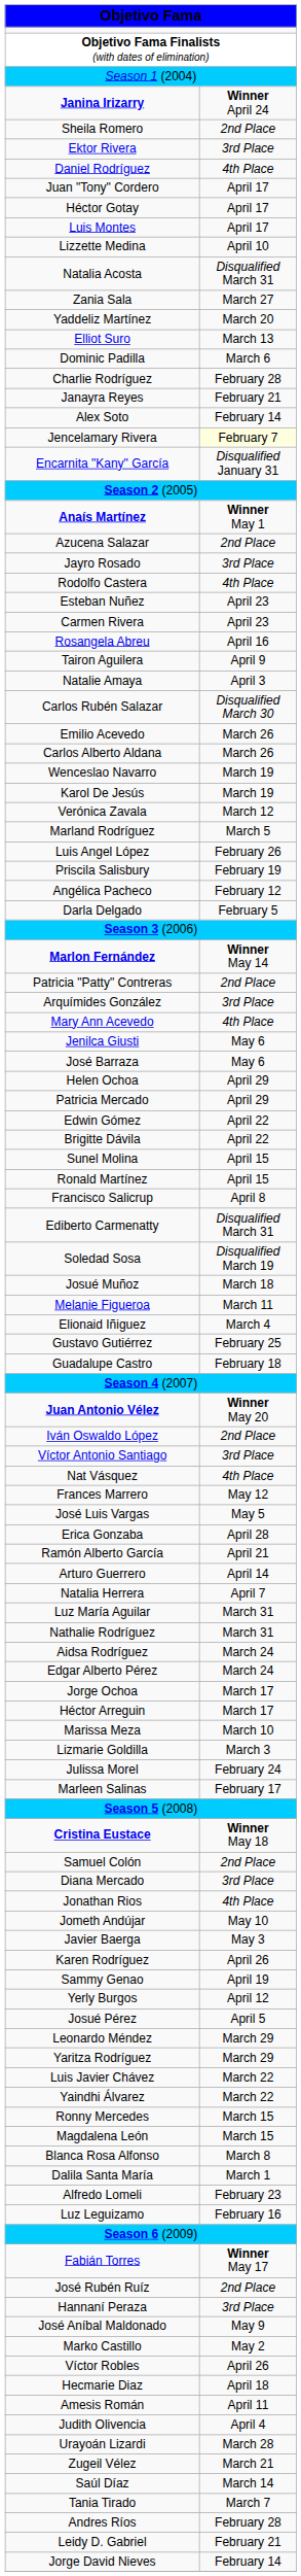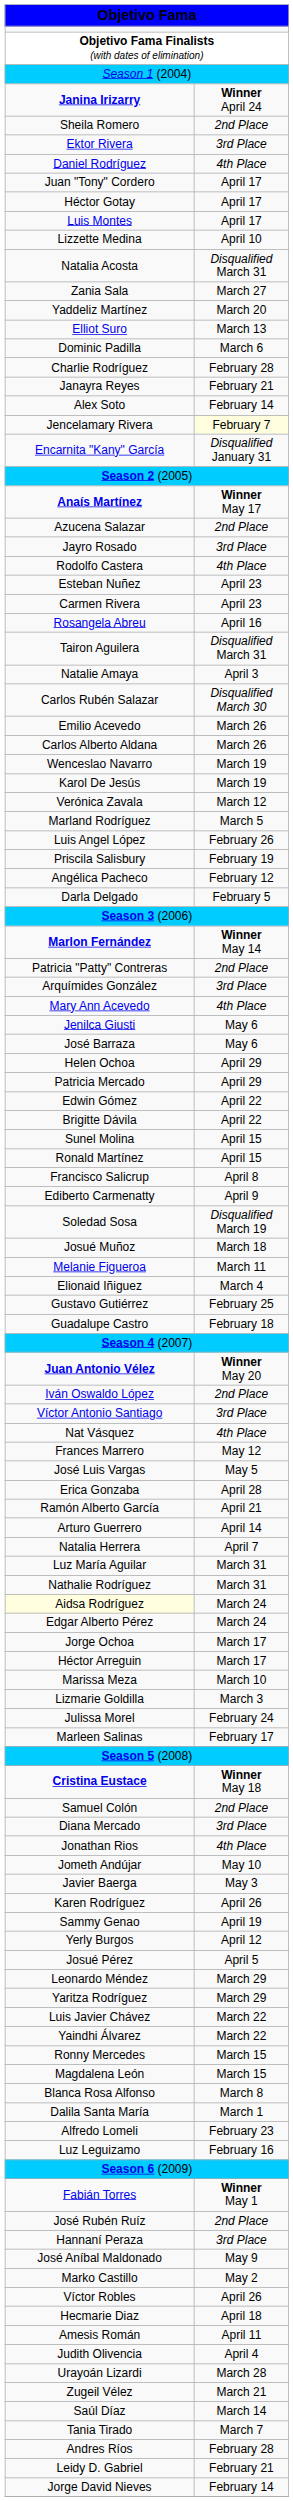 <table border="1" cellspacing="0" cellpadding="2" align="right" width="30%" style="margin-left:15px; text-align:center" class=wikitable>
 <tr>
 <td colspan="2" style="background:#0000FF; text-align:center;"><big><strong><span>Objetivo Fama</span></strong></big></td>
 </tr>
 <tr>
 <td colspan="2" align="center"></td>
 </tr>
 <tr>
 <td colspan="2" style="background:#FFFFFF; text-align:center;"><strong>Objetivo Fama Finalists</strong><br><small><em>(with dates of elimination)</em></small></td>
 </tr>
 <tr>
 <td colspan="2" style="background:#00CCFF; text-align:center;"><em><a href='#'>Season 1</a></em> (2004)</td>
 </tr>
 <tr>
 <td><strong><a href='#'>Janina Irizarry</a></strong></td>
 <td><strong>Winner</strong><br>April 24</td>
 </tr>
 <tr>
 <td>Sheila Romero</td>
 <td><em>2nd Place</em></td>
 </tr>
 <tr>
 <td><a href='#'>Ektor Rivera</a></td>
 <td><em>3rd Place</em></td>
 </tr>
 <tr>
 <td><a href='#'>Daniel Rodríguez</a></td>
 <td><em>4th Place</em></td>
 </tr>
 <tr>
 <td>Juan "Tony" Cordero</td>
 <td>April 17</td>
 </tr>
 <tr>
 <td>Héctor Gotay</td>
 <td>April 17</td>
 </tr>
 <tr>
 <td><a href='#'>Luis Montes</a></td>
 <td>April 17</td>
 </tr>
 <tr>
 <td>Lizzette Medina</td>
 <td>April 10</td>
 </tr>
 <tr>
 <td>Natalia Acosta</td>
 <td><em>Disqualified</em><br> March 31</td>
 </tr>
 <tr>
 <td>Zania Sala</td>
 <td>March 27</td>
 </tr>
 <tr>
 <td>Yaddeliz Martínez</td>
 <td>March 20</td>
 </tr>
 <tr>
 <td><a href='#'>Elliot Suro</a></td>
 <td>March 13</td>
 </tr>
 <tr>
 <td>Dominic Padilla</td>
 <td>March 6</td>
 </tr>
 <tr>
 <td>Charlie Rodríguez</td>
 <td>February 28</td>
 </tr>
 <tr>
 <td>Janayra Reyes</td>
 <td>February 21</td>
 </tr>
 <tr>
 <td>Alex Soto</td>
 <td>February 14</td>
 </tr>
 <tr>
 <td>Jencelamary Rivera</td>
 <td style="background: lightyellow;">February 7</td>
 </tr>
 <tr>
 <td><a href='#'>Encarnita "Kany" García</a></td>
 <td><em>Disqualified</em><br>January 31</td>
 </tr>
 <tr>
 <td colspan="2" style="background:#00CCFF; text-align:center;"><strong><a href='#'>Season 2</a></strong> (2005)</td>
 </tr>
 <tr>
 <td><strong><a href='#'>Anaís Martínez</a></strong></td>
-<td><strong>Winner</strong><br>May 1</td>
+<td><strong>Winner</strong><br>May 17</td>
 </tr>
 <tr>
 <td>Azucena Salazar</td>
 <td><em>2nd Place</em></td>
 </tr>
 <tr>
 <td>Jayro Rosado</td>
 <td><em>3rd Place</em></td>
 </tr>
 <tr>
 <td>Rodolfo Castera</td>
 <td><em>4th Place</em></td>
 </tr>
 <tr>
 <td>Esteban Nuñez</td>
 <td>April 23</td>
 </tr>
 <tr>
 <td>Carmen Rivera</td>
 <td>April 23</td>
 </tr>
 <tr>
 <td><a href='#'>Rosangela Abreu</a></td>
 <td>April 16</td>
 </tr>
 <tr>
 <td>Tairon Aguilera</td>
-<td>April 9</td>
+<td><em>Disqualified</em><br>March 31</td>
 </tr>
 <tr>
 <td>Natalie Amaya</td>
 <td>April 3</td>
 </tr>
 <tr>
 <td>Carlos Rubén Salazar</td>
 <td><em>Disqualified<br>March 30</em></td>
 </tr>
 <tr>
 <td>Emilio Acevedo</td>
 <td>March 26</td>
 </tr>
 <tr>
 <td>Carlos Alberto Aldana</td>
 <td>March 26</td>
 </tr>
 <tr>
 <td>Wenceslao Navarro</td>
 <td>March 19</td>
 </tr>
 <tr>
 <td>Karol De Jesús</td>
 <td>March 19</td>
 </tr>
 <tr>
 <td>Verónica Zavala</td>
 <td>March 12</td>
 </tr>
 <tr>
 <td>Marland Rodríguez</td>
 <td>March 5</td>
 </tr>
 <tr>
 <td>Luis Angel López</td>
 <td>February 26</td>
 </tr>
 <tr>
 <td>Priscila Salisbury</td>
 <td>February 19</td>
 </tr>
 <tr>
 <td>Angélica Pacheco</td>
 <td>February 12</td>
 </tr>
 <tr>
 <td>Darla Delgado</td>
 <td>February 5</td>
 </tr>
 <tr>
 <td colspan="2" style="background:#00CCFF; text-align:center;"><strong><a href='#'>Season 3</a></strong> (2006)</td>
 </tr>
 <tr>
 <td><strong><a href='#'>Marlon Fernández</a></strong></td>
 <td><strong>Winner</strong><br>May 14</td>
 </tr>
 <tr>
 <td>Patricia "Patty" Contreras</td>
 <td><em>2nd Place</em></td>
 </tr>
 <tr>
 <td>Arquímides González</td>
 <td><em>3rd Place</em></td>
 </tr>
 <tr>
 <td><a href='#'>Mary Ann Acevedo</a></td>
 <td><em>4th Place</em></td>
 </tr>
 <tr>
 <td><a href='#'>Jenilca Giusti</a></td>
 <td>May 6</td>
 </tr>
 <tr>
 <td>José Barraza</td>
 <td>May 6</td>
 </tr>
 <tr>
 <td>Helen Ochoa</td>
 <td>April 29</td>
 </tr>
 <tr>
 <td>Patricia Mercado</td>
 <td>April 29</td>
 </tr>
 <tr>
 <td>Edwin Gómez</td>
 <td>April 22</td>
 </tr>
 <tr>
 <td>Brigitte Dávila</td>
 <td>April 22</td>
 </tr>
 <tr>
 <td>Sunel Molina</td>
 <td>April 15</td>
 </tr>
 <tr>
 <td>Ronald Martínez</td>
 <td>April 15</td>
 </tr>
 <tr>
 <td>Francisco Salicrup</td>
 <td>April 8</td>
 </tr>
 <tr>
 <td>Ediberto Carmenatty</td>
-<td><em>Disqualified</em><br>March 31</td>
+<td>April 9</td>
 </tr>
 <tr>
 <td>Soledad Sosa</td>
 <td><em>Disqualified</em><br>March 19</td>
 </tr>
 <tr>
 <td>Josué Muñoz</td>
 <td>March 18</td>
 </tr>
 <tr>
 <td><a href='#'>Melanie Figueroa</a></td>
 <td>March 11</td>
 </tr>
 <tr>
 <td>Elionaid Iñiguez</td>
 <td>March 4</td>
 </tr>
 <tr>
 <td>Gustavo Gutiérrez</td>
 <td>February 25</td>
 </tr>
 <tr>
 <td>Guadalupe Castro</td>
 <td>February 18</td>
 </tr>
 <tr>
 <td colspan="2" style="background:#00CCFF; text-align:center;"><strong><a href='#'>Season 4</a></strong> (2007)</td>
 </tr>
 <tr>
 <td><strong><a href='#'>Juan Antonio Vélez</a></strong></td>
 <td><strong>Winner</strong><br>May 20</td>
 </tr>
 <tr>
 <td><a href='#'>Iván Oswaldo López</a></td>
 <td><em>2nd Place</em></td>
 </tr>
 <tr>
 <td><a href='#'>Víctor Antonio Santiago</a></td>
 <td><em>3rd Place</em></td>
 </tr>
 <tr>
 <td>Nat Vásquez</td>
 <td><em>4th Place</em></td>
 </tr>
 <tr>
 <td>Frances Marrero</td>
 <td>May 12</td>
 </tr>
 <tr>
 <td>José Luis Vargas</td>
 <td>May 5</td>
 </tr>
 <tr>
 <td>Erica Gonzaba</td>
 <td>April 28</td>
 </tr>
 <tr>
 <td>Ramón Alberto García</td>
 <td>April 21</td>
 </tr>
 <tr>
 <td>Arturo Guerrero</td>
 <td>April 14</td>
 </tr>
 <tr>
 <td>Natalia Herrera</td>
 <td>April 7</td>
 </tr>
 <tr>
 <td>Luz María Aguilar</td>
 <td>March 31</td>
 </tr>
 <tr>
 <td>Nathalie Rodríguez</td>
 <td>March 31</td>
 </tr>
 <tr>
-<td>Aidsa Rodríguez</td>
+<td style="background: lightyellow;">Aidsa Rodríguez</td>
 <td>March 24</td>
 </tr>
 <tr>
 <td>Edgar Alberto Pérez</td>
 <td>March 24</td>
 </tr>
 <tr>
 <td>Jorge Ochoa</td>
 <td>March 17</td>
 </tr>
 <tr>
 <td>Héctor Arreguin</td>
 <td>March 17</td>
 </tr>
 <tr>
 <td>Marissa Meza</td>
 <td>March 10</td>
 </tr>
 <tr>
 <td>Lizmarie Goldilla</td>
 <td>March 3</td>
 </tr>
 <tr>
 <td>Julissa Morel</td>
 <td>February 24</td>
 </tr>
 <tr>
 <td>Marleen Salinas</td>
 <td>February 17</td>
 </tr>
 <tr>
 <td colspan="2" style="background:#00CCFF; text-align:center;"><strong><a href='#'>Season 5</a></strong> (2008)</td>
 </tr>
 <tr>
 <td><strong><a href='#'>Cristina Eustace</a></strong></td>
 <td><strong>Winner</strong><br>May 18</td>
 </tr>
 <tr>
 <td>Samuel Colón</td>
 <td><em>2nd Place</em></td>
 </tr>
 <tr>
 <td>Diana Mercado</td>
 <td><em>3rd Place</em></td>
 </tr>
 <tr>
 <td>Jonathan Rios</td>
 <td><em>4th Place</em></td>
 </tr>
 <tr>
 <td>Jometh Andújar</td>
 <td>May 10</td>
 </tr>
 <tr>
 <td>Javier Baerga</td>
 <td>May 3</td>
 </tr>
 <tr>
 <td>Karen Rodríguez</td>
 <td>April 26</td>
 </tr>
 <tr>
 <td>Sammy Genao</td>
 <td>April 19</td>
 </tr>
 <tr>
 <td>Yerly Burgos</td>
 <td>April 12</td>
 </tr>
 <tr>
 <td>Josué Pérez</td>
 <td>April 5</td>
 </tr>
 <tr>
 <td>Leonardo Méndez</td>
 <td>March 29</td>
 </tr>
 <tr>
 <td>Yaritza Rodríguez</td>
 <td>March 29</td>
 </tr>
 <tr>
 <td>Luis Javier Chávez</td>
 <td>March 22</td>
 </tr>
 <tr>
 <td>Yaindhi Álvarez</td>
 <td>March 22</td>
 </tr>
 <tr>
 <td>Ronny Mercedes</td>
 <td>March 15</td>
 </tr>
 <tr>
 <td>Magdalena León</td>
 <td>March 15</td>
 </tr>
 <tr>
 <td>Blanca Rosa Alfonso</td>
 <td>March 8</td>
 </tr>
 <tr>
 <td>Dalila Santa María</td>
 <td>March 1</td>
 </tr>
 <tr>
 <td>Alfredo Lomeli</td>
 <td>February 23</td>
 </tr>
 <tr>
 <td>Luz Leguizamo</td>
 <td>February 16</td>
 </tr>
 <tr>
 <td colspan="2" style="background:#00CCFF; text-align:center;"><strong><a href='#'>Season 6</a></strong> (2009)</td>
 </tr>
 <tr>
 <td><a href='#'>Fabián Torres</a></td>
-<td><strong>Winner</strong><br>May 17</td>
+<td><strong>Winner</strong><br>May 1</td>
 </tr>
 <tr>
 <td>José Rubén Ruíz</td>
 <td><em>2nd Place</em></td>
 </tr>
 <tr>
 <td>Hannaní Peraza</td>
 <td><em>3rd Place</em></td>
 </tr>
 <tr>
 <td>José Aníbal Maldonado</td>
 <td>May 9</td>
 </tr>
 <tr>
 <td>Marko Castillo</td>
 <td>May 2</td>
 </tr>
 <tr>
 <td>Víctor Robles</td>
 <td>April 26</td>
 </tr>
 <tr>
 <td>Hecmarie Diaz</td>
 <td>April 18</td>
 </tr>
 <tr>
 <td>Amesis Román</td>
 <td>April 11</td>
 </tr>
 <tr>
 <td>Judith Olivencia</td>
 <td>April 4</td>
 </tr>
 <tr>
 <td>Urayoán Lizardi</td>
 <td>March 28</td>
 </tr>
 <tr>
 <td>Zugeil Vélez</td>
 <td>March 21</td>
 </tr>
 <tr>
 <td>Saúl Díaz</td>
 <td>March 14</td>
 </tr>
 <tr>
 <td>Tania Tirado</td>
 <td>March 7</td>
 </tr>
 <tr>
 <td>Andres Ríos</td>
 <td>February 28</td>
 </tr>
 <tr>
 <td>Leidy D. Gabriel</td>
 <td>February 21</td>
 </tr>
 <tr>
 <td>Jorge David Nieves</td>
 <td>February 14</td>
 </tr>
 <tr>
 </tr>
 </table>
